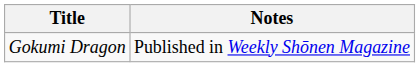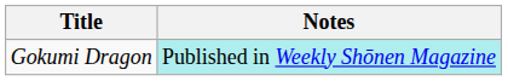 <table class="wikitable">
 <tr>
 <th>Title</th>
 <th>Notes</th>
 </tr>
 <tr>
 <td><em>Gokumi Dragon</em></td>
-<td>Published in <em><a href='#'>Weekly Shōnen Magazine</a></em></td>
+<td style="background: paleturquoise;">Published in <em><a href='#'>Weekly Shōnen Magazine</a></em></td>
 </tr>
 </table>
